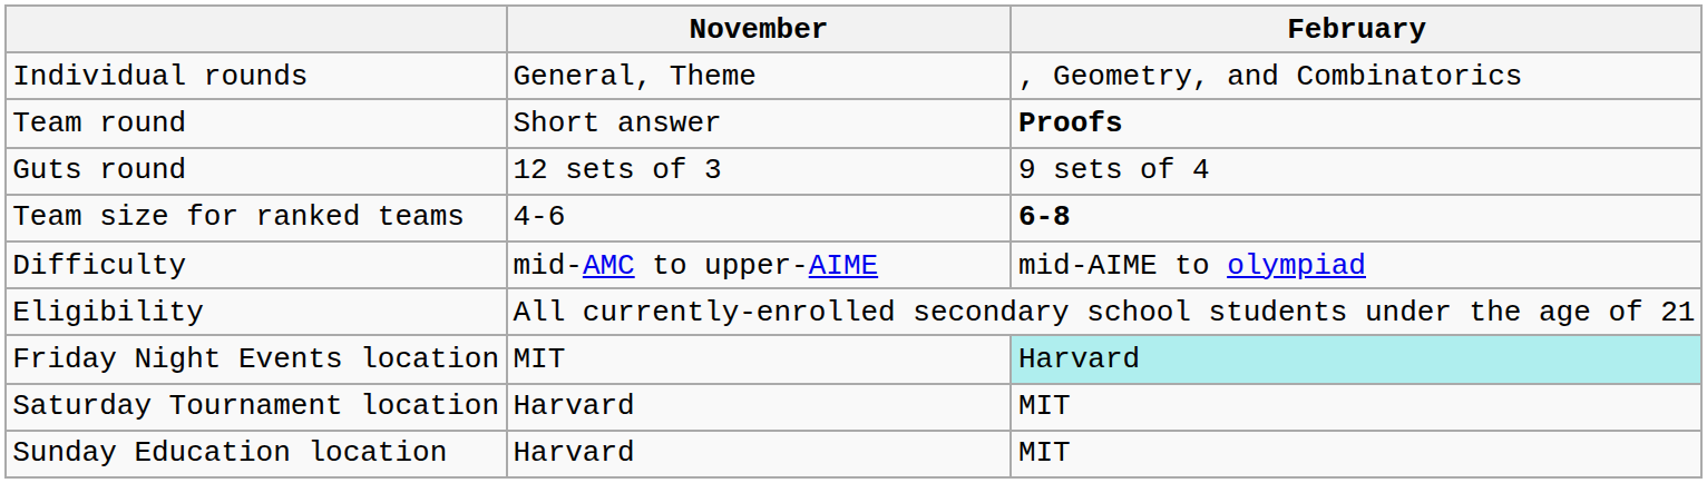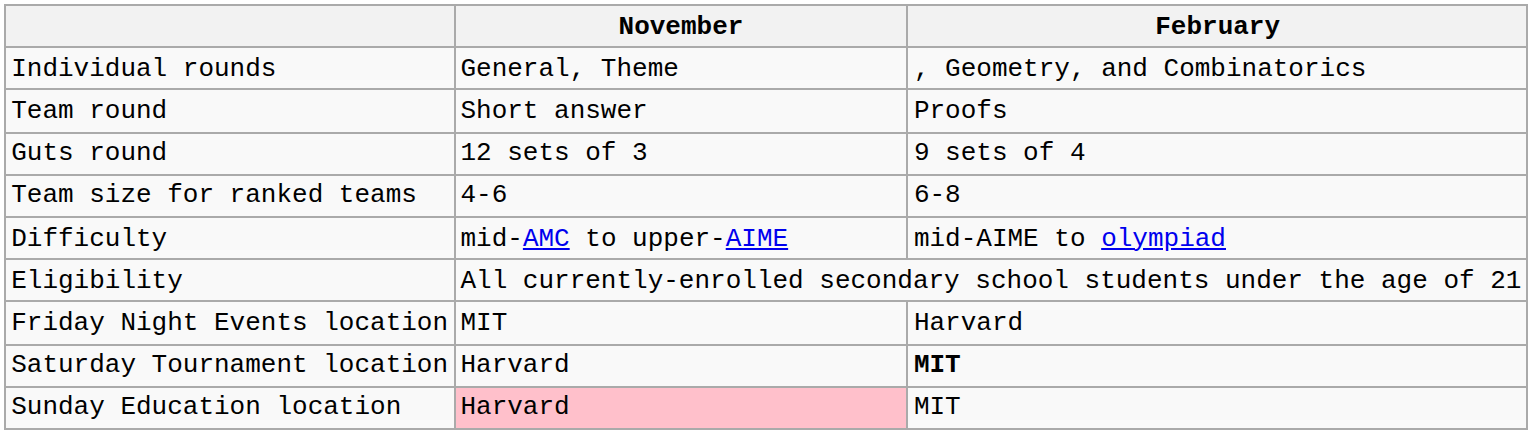 <table class="wikitable">
 <tr>
 <th></th>
 <th>November</th>
 <th>February</th>
 </tr>
 <tr>
 <td>Individual rounds</td>
 <td>General, Theme</td>
 <td>, Geometry, and Combinatorics</td>
 </tr>
 <tr>
 <td>Team round</td>
 <td>Short answer</td>
-<td><strong>Proofs</strong></td>
+<td>Proofs</td>
 </tr>
 <tr>
 <td>Guts round</td>
 <td>12 sets of 3</td>
 <td>9 sets of 4</td>
 </tr>
 <tr>
 <td>Team size for ranked teams</td>
 <td>4-6</td>
-<td><strong>6-8</strong></td>
+<td>6-8</td>
 </tr>
 <tr>
 <td>Difficulty</td>
 <td>mid-<a href='#'>AMC</a> to upper-<a href='#'>AIME</a></td>
 <td>mid-AIME to <a href='#'>olympiad</a></td>
 </tr>
 <tr>
 <td>Eligibility</td>
 <td colspan="2">All currently-enrolled secondary school students under the age of 21</td>
 </tr>
 <tr>
 <td>Friday Night Events location</td>
 <td>MIT</td>
-<td style="background: paleturquoise;">Harvard</td>
+<td>Harvard</td>
 </tr>
 <tr>
 <td>Saturday Tournament location</td>
 <td>Harvard</td>
-<td>MIT</td>
+<td><strong>MIT</strong></td>
 </tr>
 <tr>
 <td>Sunday Education location</td>
-<td>Harvard</td>
+<td style="background: pink;">Harvard</td>
 <td>MIT</td>
 </tr>
 </table>
